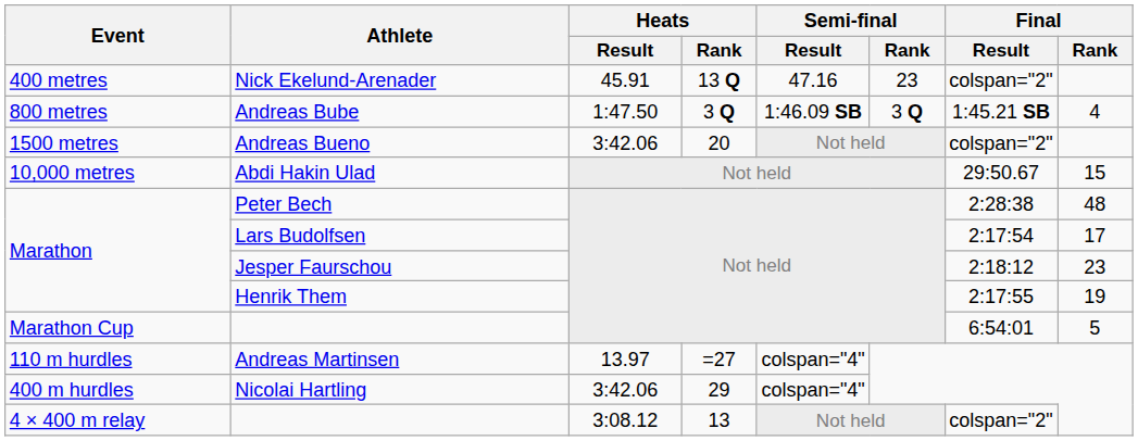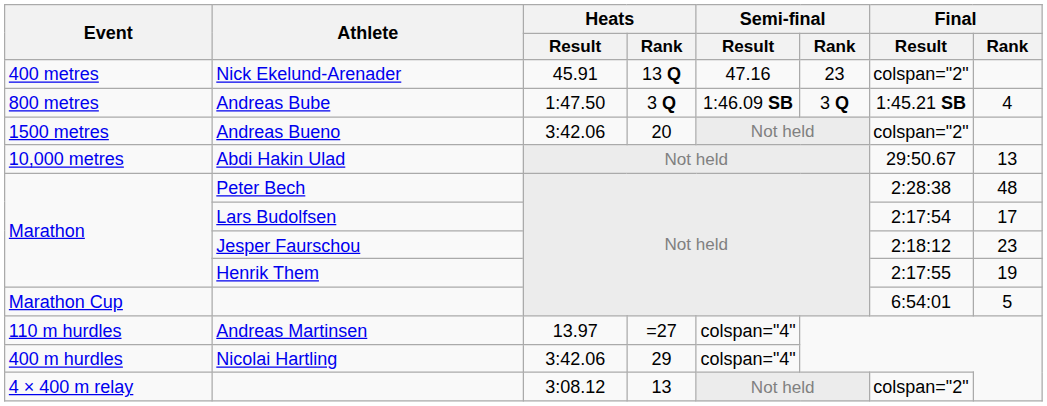 <table class="wikitable" style="font-size:90%; text-align:center;">
 <tr>
 <th rowspan="2" style="width:20%;">Event</th>
 <th rowspan="2" style="width:30%;">Athlete</th>
 <th colspan="2" style="width:16.67%;">Heats</th>
 <th colspan="2" style="width:16.67%;">Semi-final</th>
 <th colspan="2" style="width:16.67%;">Final</th>
 </tr>
 <tr style="font-size:95%;">
 <th style="width:10%;">Result</th>
 <th style="width:6.67%;">Rank</th>
 <th style="width:10%;">Result</th>
 <th style="width:6.67%;">Rank</th>
 <th style="width:10%;">Result</th>
 <th style="width:6.67%;">Rank</th>
 </tr>
 <tr>
 <td style="text-align:left;"><a href='#'>400 metres</a></td>
 <td style="text-align:left;"><a href='#'>Nick Ekelund-Arenader</a></td>
 <td>45.91</td>
 <td>13 <strong>Q</strong></td>
 <td>47.16</td>
 <td>23</td>
 <td>colspan="2" </td>
 </tr>
 <tr>
 <td style="text-align:left;"><a href='#'>800 metres</a></td>
 <td style="text-align:left;"><a href='#'>Andreas Bube</a></td>
 <td>1:47.50</td>
 <td>3 <strong>Q</strong></td>
 <td>1:46.09 <strong>SB</strong></td>
 <td>3 <strong>Q</strong></td>
 <td>1:45.21 <strong>SB</strong></td>
 <td>4</td>
 </tr>
 <tr>
 <td style="text-align:left;"><a href='#'>1500 metres</a></td>
 <td style="text-align:left;"><a href='#'>Andreas Bueno</a></td>
 <td>3:42.06</td>
 <td>20</td>
 <td colspan="2" class="table-na" style="background: #ececec; color: grey; vertical-align: middle; text-align: center; font-size:95%;">Not held</td>
 <td>colspan="2" </td>
 </tr>
 <tr>
 <td style="text-align:left;"><a href='#'>10,000 metres</a></td>
 <td style="text-align:left;"><a href='#'>Abdi Hakin Ulad</a></td>
 <td colspan="4" class="table-na" style="background: #ececec; color: grey; vertical-align: middle; text-align: center; font-size:95%;">Not held</td>
 <td>29:50.67</td>
-<td>15</td>
+<td>13</td>
 </tr>
 <tr>
 <td rowspan="4" style="text-align:left;"><a href='#'>Marathon</a></td>
 <td style="text-align:left;"><a href='#'>Peter Bech</a></td>
 <td rowspan="5" colspan="4" class="table-na" style="background: #ececec; color: grey; vertical-align: middle; text-align: center; font-size:95%;">Not held</td>
 <td>2:28:38</td>
 <td>48</td>
 </tr>
 <tr>
 <td style="text-align:left;"><a href='#'>Lars Budolfsen</a></td>
 <td>2:17:54</td>
 <td>17</td>
 </tr>
 <tr>
 <td style="text-align:left;"><a href='#'>Jesper Faurschou</a></td>
 <td>2:18:12</td>
 <td>23</td>
 </tr>
 <tr>
 <td style="text-align:left;"><a href='#'>Henrik Them</a></td>
 <td>2:17:55</td>
 <td>19</td>
 </tr>
 <tr>
 <td style="text-align:left;"><a href='#'>Marathon Cup</a></td>
 <td style="text-align:left;"><br></td>
 <td>6:54:01</td>
 <td>5</td>
 </tr>
 <tr>
 <td style="text-align:left;"><a href='#'>110 m hurdles</a></td>
 <td style="text-align:left;"><a href='#'>Andreas Martinsen</a></td>
 <td>13.97</td>
 <td>=27</td>
 <td>colspan="4" </td>
 </tr>
 <tr>
 <td style="text-align:left"><a href='#'>400 m hurdles</a></td>
 <td style="text-align:left"><a href='#'>Nicolai Hartling</a></td>
 <td>3:42.06</td>
 <td>29</td>
 <td>colspan="4" </td>
 </tr>
 <tr>
 <td style="text-align:left"><a href='#'>4 × 400 m relay</a></td>
 <td style="text-align:left"><br></td>
 <td>3:08.12</td>
 <td>13</td>
 <td colspan="2" class="table-na" style="background: #ececec; color: grey; vertical-align: middle; text-align: center; font-size:95%;">Not held</td>
 <td>colspan="2" </td>
 </tr>
 </table>
